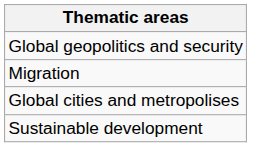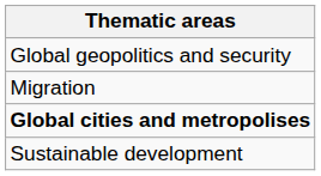 <table class=wikitable>
 <tr>
 <th>Thematic areas</th>
 </tr>
 <tr ----style="background-color:#FFFFFF">
 <td>Global geopolitics and security</td>
 </tr>
 <tr ----style="background-color:#FFFFFF">
 <td>Migration</td>
 </tr>
 <tr ----style="background-color:#FFFFFF">
-<td>Global cities and metropolises</td>
+<td><strong>Global cities and metropolises</strong></td>
 </tr>
 <tr ----style="background-color:#FFFFFF">
 <td>Sustainable development</td>
 </tr>
 </table>
